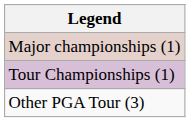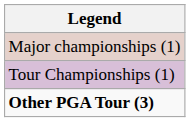 <table class="wikitable" style="font-size:95%;">
 <tr>
 <th>Legend</th>
 </tr>
 <tr style="background:#e5d1cb;">
 <td>Major championships (1)</td>
 </tr>
 <tr style="background:thistle;">
 <td>Tour Championships (1)</td>
 </tr>
 <tr>
-<td>Other PGA Tour (3)</td>
+<td><strong>Other PGA Tour (3)</strong></td>
 </tr>
 </table>
